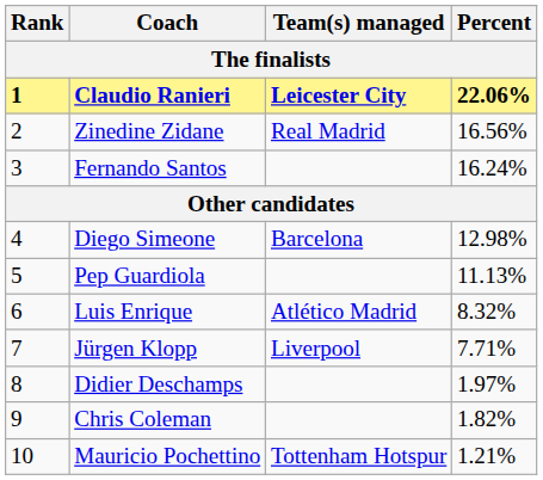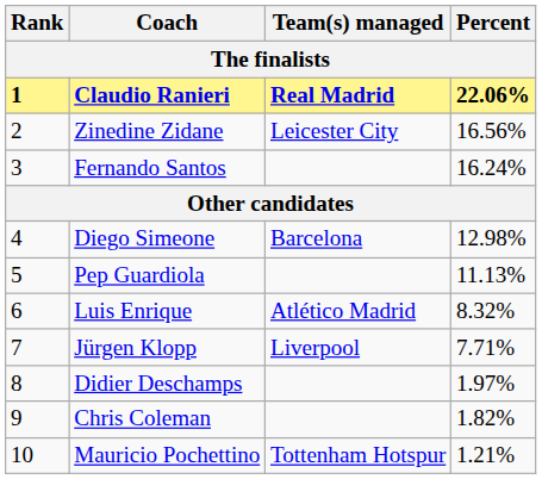 <table class="wikitable">
 <tr>
 <th>Rank</th>
 <th>Coach</th>
 <th>Team(s) managed</th>
 <th>Percent</th>
 </tr>
 <tr>
 <th colspan="4">The finalists</th>
 </tr>
 <tr style="background-color: #FFF68F; font-weight: bold;">
 <td>1</td>
 <td> <a href='#'>Claudio Ranieri</a></td>
-<td> <a href='#'>Leicester City</a></td>
+<td> <a href='#'>Real Madrid</a></td>
 <td>22.06%</td>
 </tr>
 <tr>
 <td>2</td>
 <td> <a href='#'>Zinedine Zidane</a></td>
-<td> <a href='#'>Real Madrid</a></td>
+<td> <a href='#'>Leicester City</a></td>
 <td>16.56%</td>
 </tr>
 <tr>
 <td>3</td>
 <td> <a href='#'>Fernando Santos</a></td>
 <td></td>
 <td>16.24%</td>
 </tr>
 <tr>
 <th colspan="4">Other candidates</th>
 </tr>
 <tr>
 <td>4</td>
 <td> <a href='#'>Diego Simeone</a></td>
 <td> <a href='#'>Barcelona</a></td>
 <td>12.98%</td>
 </tr>
 <tr>
 <td>5</td>
 <td> <a href='#'>Pep Guardiola</a></td>
 <td></td>
 <td>11.13%</td>
 </tr>
 <tr>
 <td>6</td>
 <td> <a href='#'>Luis Enrique</a></td>
 <td> <a href='#'>Atlético Madrid</a></td>
 <td>8.32%</td>
 </tr>
 <tr>
 <td>7</td>
 <td> <a href='#'>Jürgen Klopp</a></td>
 <td> <a href='#'>Liverpool</a></td>
 <td>7.71%</td>
 </tr>
 <tr>
 <td>8</td>
 <td> <a href='#'>Didier Deschamps</a></td>
 <td></td>
 <td>1.97%</td>
 </tr>
 <tr>
 <td>9</td>
 <td> <a href='#'>Chris Coleman</a></td>
 <td></td>
 <td>1.82%</td>
 </tr>
 <tr>
 <td>10</td>
 <td> <a href='#'>Mauricio Pochettino</a></td>
 <td> <a href='#'>Tottenham Hotspur</a></td>
 <td>1.21%</td>
 </tr>
 </table>
